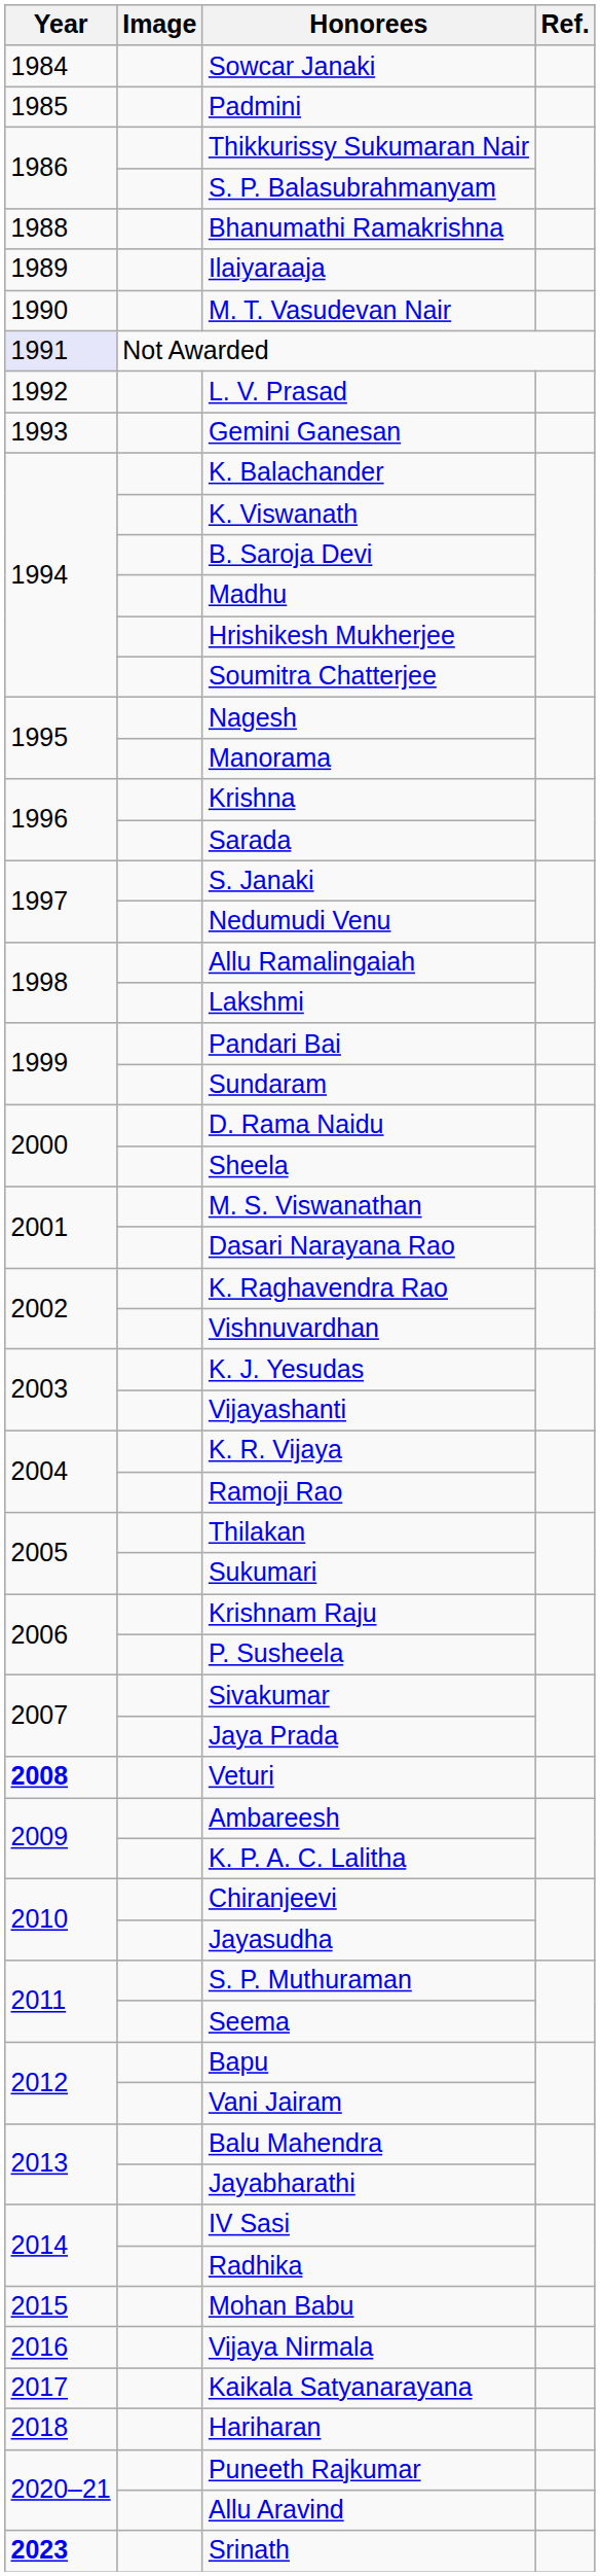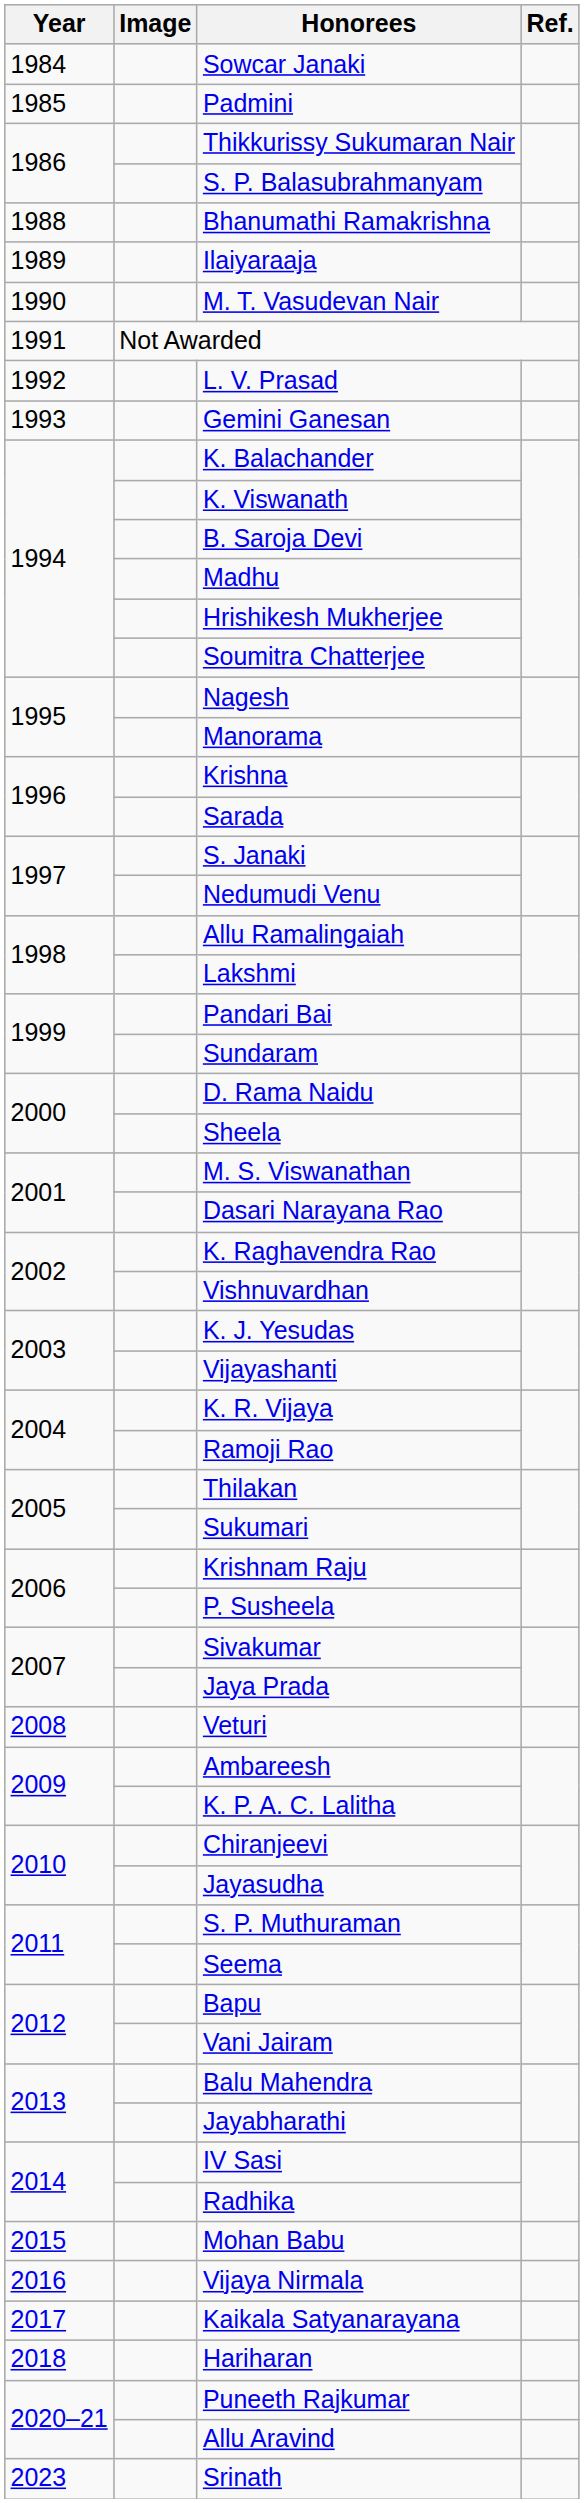 <table class="wikitable sortable">
 <tr>
 <th>Year</th>
 <th>Image</th>
 <th>Honorees</th>
 <th>Ref.</th>
 </tr>
 <tr>
 <td>1984</td>
 <td></td>
 <td><a href='#'>Sowcar Janaki</a></td>
 <td></td>
 </tr>
 <tr>
 <td>1985</td>
 <td></td>
 <td><a href='#'>Padmini</a></td>
 <td></td>
 </tr>
 <tr>
 <td rowspan=2>1986</td>
 <td></td>
 <td><a href='#'>Thikkurissy Sukumaran Nair</a></td>
 <td rowspan=2></td>
 </tr>
 <tr>
 <td></td>
 <td><a href='#'>S. P. Balasubrahmanyam</a></td>
 </tr>
 <tr>
 <td>1988</td>
 <td></td>
 <td><a href='#'>Bhanumathi Ramakrishna</a></td>
 <td></td>
 </tr>
 <tr>
 <td>1989</td>
 <td></td>
 <td><a href='#'>Ilaiyaraaja</a></td>
 <td></td>
 </tr>
 <tr>
 <td>1990</td>
 <td></td>
 <td><a href='#'>M. T. Vasudevan Nair</a></td>
 <td></td>
 </tr>
 <tr>
-<td style="background: lavender;">1991</td>
+<td>1991</td>
 <td colspan=3>Not Awarded</td>
 </tr>
 <tr>
 <td>1992</td>
 <td></td>
 <td><a href='#'>L. V. Prasad</a></td>
 <td></td>
 </tr>
 <tr>
 <td>1993</td>
 <td></td>
 <td><a href='#'>Gemini Ganesan</a></td>
 <td></td>
 </tr>
 <tr>
 <td rowspan="6">1994</td>
 <td></td>
 <td><a href='#'>K. Balachander</a></td>
 <td rowspan="6"></td>
 </tr>
 <tr>
 <td></td>
 <td><a href='#'>K. Viswanath</a></td>
 </tr>
 <tr>
 <td></td>
 <td><a href='#'>B. Saroja Devi</a></td>
 </tr>
 <tr>
 <td></td>
 <td><a href='#'>Madhu</a></td>
 </tr>
 <tr>
 <td></td>
 <td><a href='#'>Hrishikesh Mukherjee</a></td>
 </tr>
 <tr>
 <td></td>
 <td><a href='#'>Soumitra Chatterjee</a></td>
 </tr>
 <tr>
 <td rowspan="2">1995</td>
 <td></td>
 <td><a href='#'>Nagesh</a></td>
 <td rowspan="2"></td>
 </tr>
 <tr>
 <td></td>
 <td><a href='#'>Manorama</a></td>
 </tr>
 <tr>
 <td rowspan="2">1996</td>
 <td></td>
 <td><a href='#'>Krishna</a></td>
 <td rowspan="2"></td>
 </tr>
 <tr>
 <td></td>
 <td><a href='#'>Sarada</a></td>
 </tr>
 <tr>
 <td rowspan="2">1997</td>
 <td></td>
 <td><a href='#'>S. Janaki</a></td>
 <td rowspan="2"></td>
 </tr>
 <tr>
 <td></td>
 <td><a href='#'>Nedumudi Venu</a></td>
 </tr>
 <tr>
 <td rowspan="2">1998</td>
 <td></td>
 <td><a href='#'>Allu Ramalingaiah</a></td>
 <td rowspan="2"></td>
 </tr>
 <tr>
 <td></td>
 <td><a href='#'>Lakshmi</a></td>
 </tr>
 <tr>
 <td rowspan="2">1999</td>
 <td></td>
 <td><a href='#'>Pandari Bai</a></td>
 <td><br></td>
 </tr>
 <tr>
 <td></td>
 <td><a href='#'>Sundaram</a></td>
 </tr>
 <tr>
 <td rowspan="2">2000</td>
 <td></td>
 <td><a href='#'>D. Rama Naidu</a></td>
 <td rowspan="2"></td>
 </tr>
 <tr>
 <td></td>
 <td><a href='#'>Sheela</a></td>
 </tr>
 <tr>
 <td rowspan="2">2001</td>
 <td></td>
 <td><a href='#'>M. S. Viswanathan</a></td>
 <td rowspan="2"></td>
 </tr>
 <tr>
 <td></td>
 <td><a href='#'>Dasari Narayana Rao</a></td>
 </tr>
 <tr>
 <td rowspan="2">2002</td>
 <td></td>
 <td><a href='#'>K. Raghavendra Rao</a></td>
 <td rowspan="2"></td>
 </tr>
 <tr>
 <td></td>
 <td><a href='#'>Vishnuvardhan</a></td>
 </tr>
 <tr>
 <td rowspan="2">2003</td>
 <td></td>
 <td><a href='#'>K. J. Yesudas</a></td>
 <td rowspan="2"></td>
 </tr>
 <tr>
 <td></td>
 <td><a href='#'>Vijayashanti</a></td>
 </tr>
 <tr>
 <td rowspan="2">2004</td>
 <td></td>
 <td><a href='#'>K. R. Vijaya</a></td>
 <td rowspan="2"></td>
 </tr>
 <tr>
 <td></td>
 <td><a href='#'>Ramoji Rao</a></td>
 </tr>
 <tr>
 <td rowspan="2">2005</td>
 <td></td>
 <td><a href='#'>Thilakan</a></td>
 <td rowspan="2"></td>
 </tr>
 <tr>
 <td></td>
 <td><a href='#'>Sukumari</a></td>
 </tr>
 <tr>
 <td rowspan="2">2006</td>
 <td></td>
 <td><a href='#'>Krishnam Raju</a></td>
 <td rowspan="2"></td>
 </tr>
 <tr>
 <td></td>
 <td><a href='#'>P. Susheela</a></td>
 </tr>
 <tr>
 <td rowspan="2">2007</td>
 <td></td>
 <td><a href='#'>Sivakumar</a></td>
 <td rowspan="2"></td>
 </tr>
 <tr>
 <td></td>
 <td><a href='#'>Jaya Prada</a></td>
 </tr>
 <tr>
-<td><strong><a href='#'>2008</a></strong></td>
+<td><a href='#'>2008</a></td>
 <td></td>
 <td><a href='#'>Veturi</a></td>
 <td></td>
 </tr>
 <tr>
 <td rowspan="2"><a href='#'>2009</a></td>
 <td></td>
 <td><a href='#'>Ambareesh</a></td>
 <td rowspan="2"></td>
 </tr>
 <tr>
 <td></td>
 <td><a href='#'>K. P. A. C. Lalitha</a></td>
 </tr>
 <tr>
 <td rowspan="2"><a href='#'>2010</a></td>
 <td></td>
 <td><a href='#'>Chiranjeevi</a></td>
 <td rowspan="2"></td>
 </tr>
 <tr>
 <td></td>
 <td><a href='#'>Jayasudha</a></td>
 </tr>
 <tr>
 <td rowspan="2"><a href='#'>2011</a></td>
 <td></td>
 <td><a href='#'>S. P. Muthuraman</a></td>
 <td rowspan="2"></td>
 </tr>
 <tr>
 <td></td>
 <td><a href='#'>Seema</a></td>
 </tr>
 <tr>
 <td rowspan="2"><a href='#'>2012</a></td>
 <td></td>
 <td><a href='#'>Bapu</a></td>
 <td rowspan="2"></td>
 </tr>
 <tr>
 <td></td>
 <td><a href='#'>Vani Jairam</a></td>
 </tr>
 <tr>
 <td rowspan="2"><a href='#'>2013</a></td>
 <td></td>
 <td><a href='#'>Balu Mahendra</a></td>
 <td rowspan="2"></td>
 </tr>
 <tr>
 <td></td>
 <td><a href='#'>Jayabharathi</a></td>
 </tr>
 <tr>
 <td rowspan="2"><a href='#'>2014</a></td>
 <td></td>
 <td><a href='#'>IV Sasi</a></td>
 <td rowspan="2"></td>
 </tr>
 <tr>
 <td></td>
 <td><a href='#'>Radhika</a></td>
 </tr>
 <tr>
 <td><a href='#'>2015</a></td>
 <td></td>
 <td><a href='#'>Mohan Babu</a></td>
 <td></td>
 </tr>
 <tr>
 <td><a href='#'>2016</a></td>
 <td></td>
 <td><a href='#'>Vijaya Nirmala</a></td>
 <td></td>
 </tr>
 <tr>
 <td><a href='#'>2017</a></td>
 <td></td>
 <td><a href='#'>Kaikala Satyanarayana</a></td>
 <td></td>
 </tr>
 <tr>
 <td><a href='#'>2018</a></td>
 <td></td>
 <td><a href='#'>Hariharan</a></td>
 <td></td>
 </tr>
 <tr>
 <td rowspan="2"><a href='#'>2020–21</a></td>
 <td></td>
 <td><a href='#'>Puneeth Rajkumar</a></td>
 <td></td>
 </tr>
 <tr>
 <td></td>
 <td><a href='#'>Allu Aravind</a></td>
 <td></td>
 </tr>
 <tr>
-<td><strong><a href='#'>2023</a></strong></td>
+<td><a href='#'>2023</a></td>
 <td></td>
 <td><a href='#'>Srinath</a></td>
 <td></td>
 </tr>
 </table>
